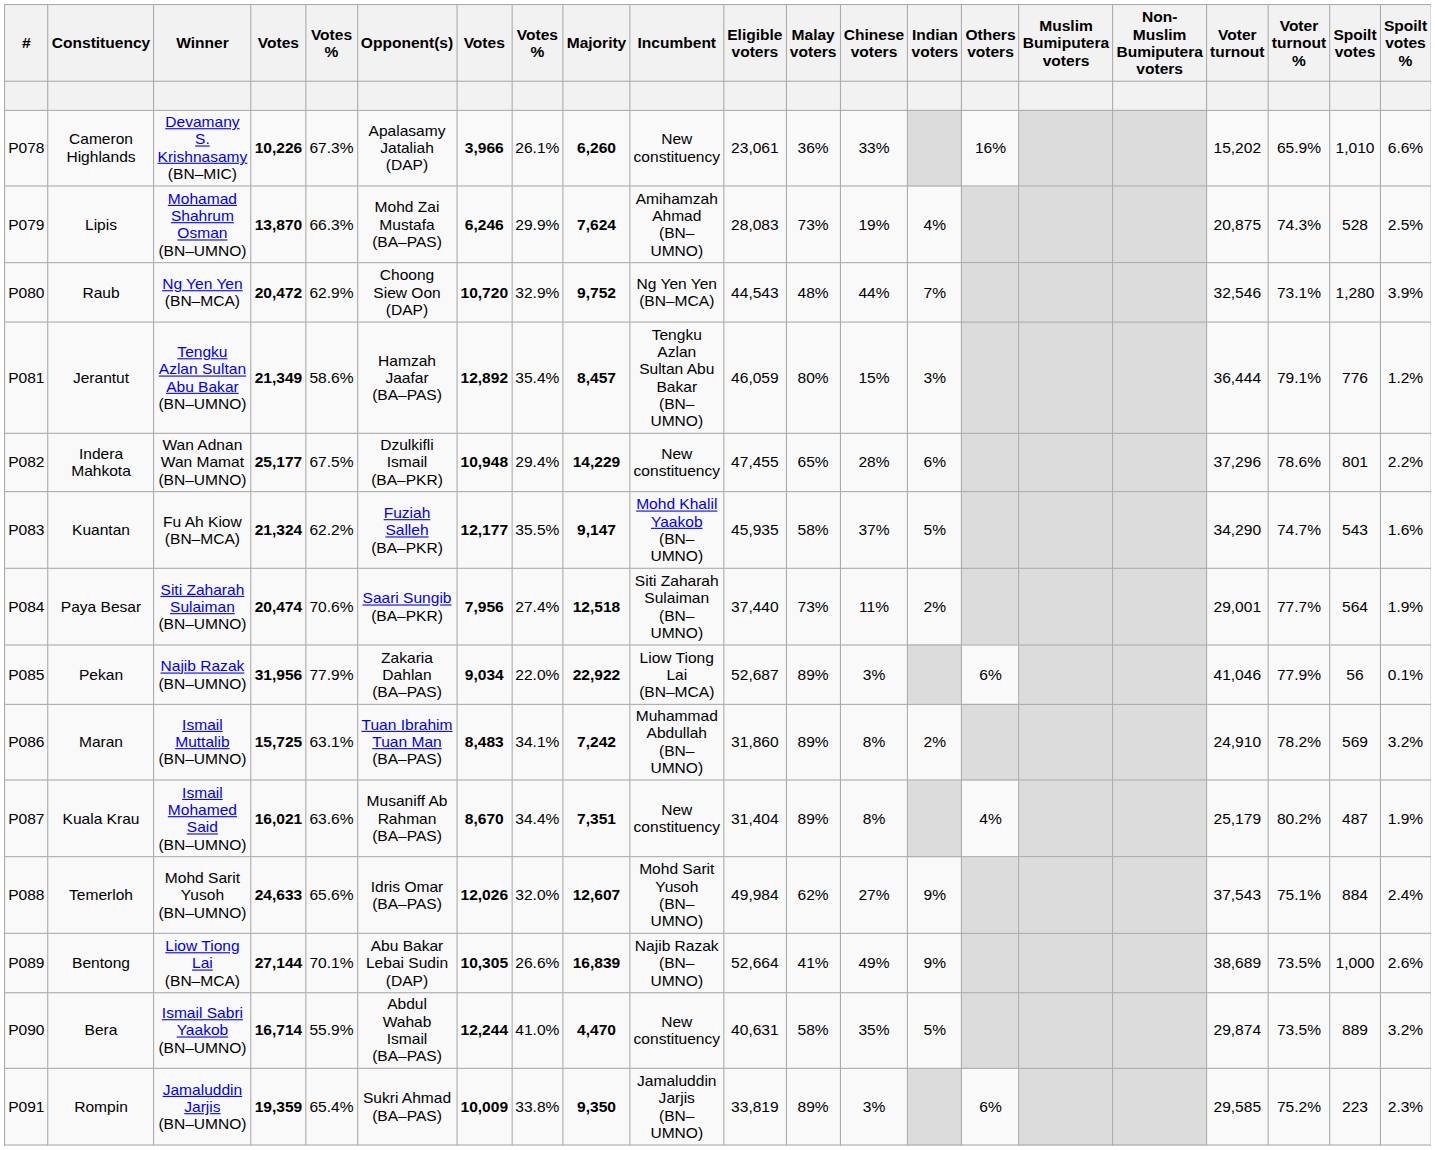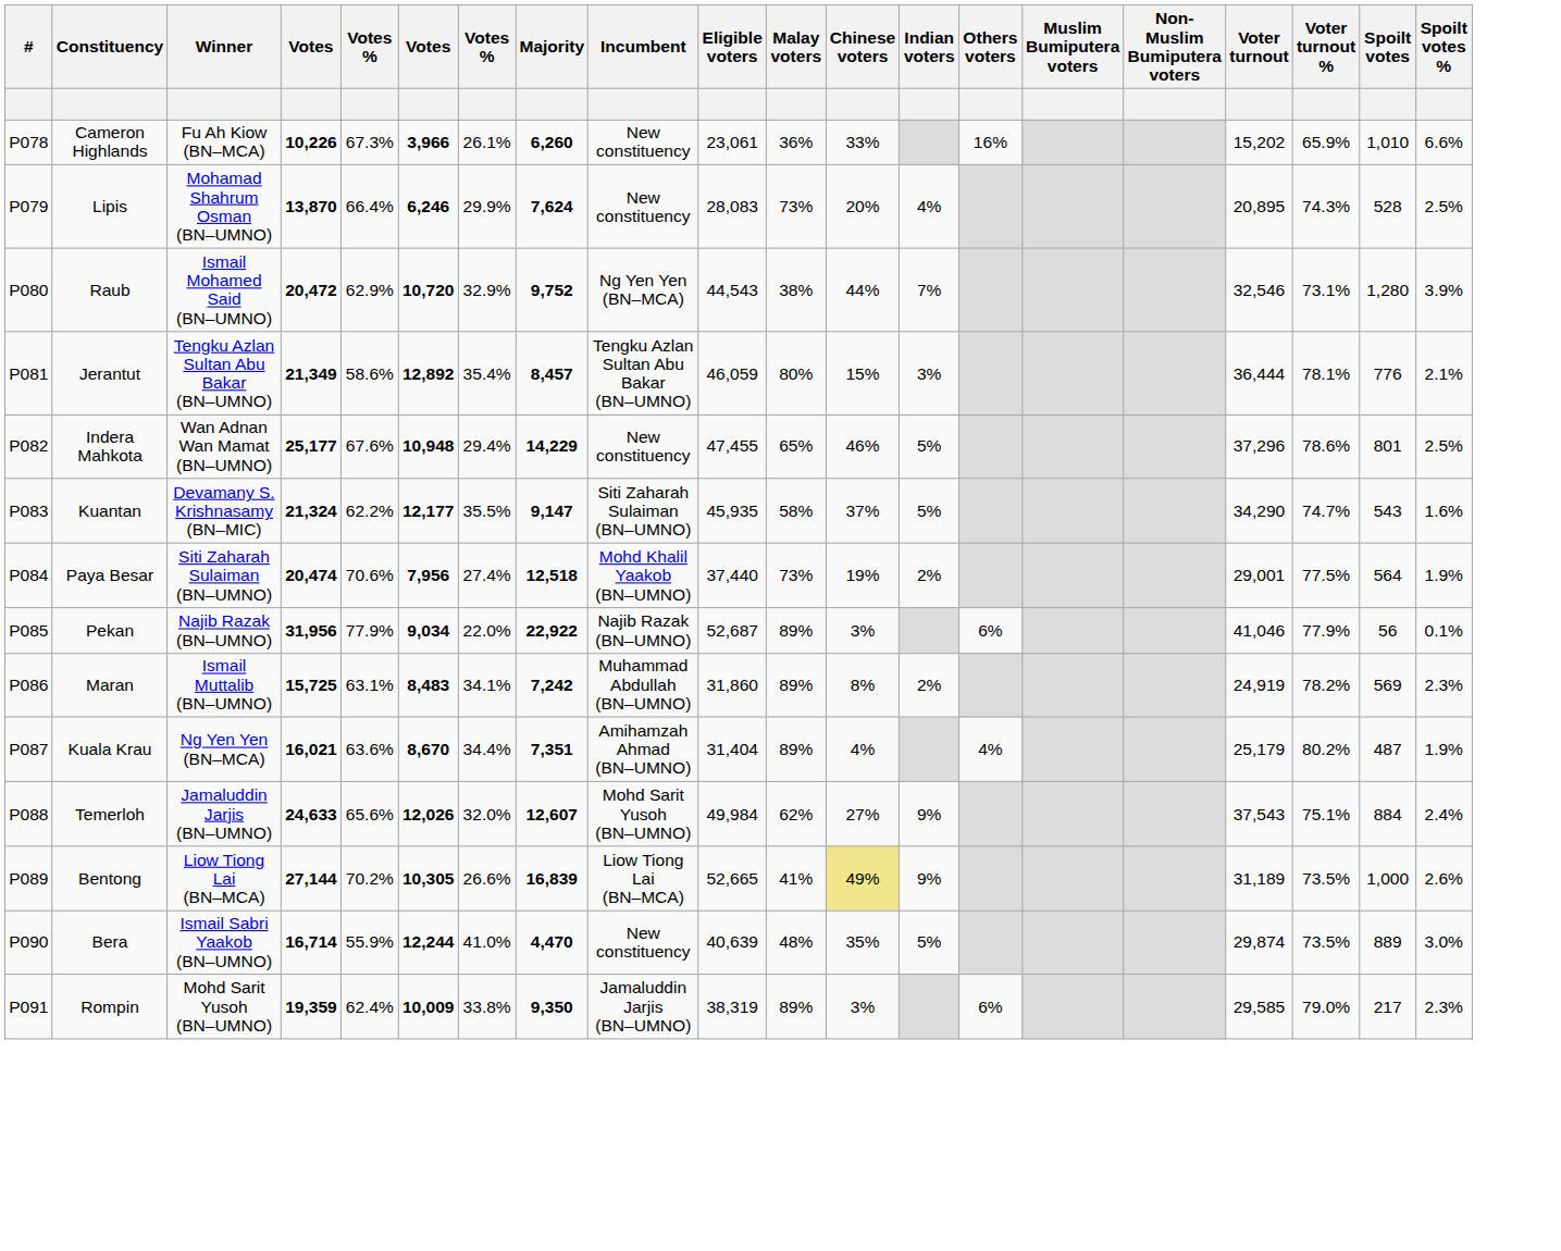 <table class="wikitable sortable" style="text-align:center; font-size:90%">
 <tr>
 <th width="30">#</th>
 <th width="60">Constituency</th>
 <th width="150">Winner</th>
 <th width="50">Votes</th>
 <th width="50">Votes %</th>
-<th width="150">Opponent(s)</th>
 <th width="50">Votes</th>
 <th width="50">Votes %</th>
 <th width="50">Majority</th>
 <th width="150">Incumbent</th>
 <th width="50">Eligible voters</th>
 <th width="50">Malay voters</th>
 <th width="50">Chinese voters</th>
 <th width="50">Indian voters</th>
 <th width="50">Others voters</th>
 <th width="50">Muslim Bumiputera voters</th>
 <th width="50">Non-Muslim Bumiputera voters</th>
 <th width="50">Voter turnout</th>
 <th width="50">Voter turnout %</th>
 <th width="50">Spoilt votes</th>
 <th width="50">Spoilt votes %</th>
 </tr>
 <tr>
 <th height="20"></th>
 <th></th>
 <th></th>
 <th></th>
 <th></th>
 <th></th>
 <th></th>
 <th></th>
 <th></th>
 <th></th>
 <th></th>
 <th></th>
 <th></th>
 <th></th>
 <th></th>
 <th></th>
 <th></th>
 <th></th>
 <th></th>
 <th></th>
-<th></th>
 </tr>
 <tr>
 <td>P078</td>
 <td>Cameron Highlands</td>
-<td><a href='#'>Devamany S. Krishnasamy</a><br>(BN–MIC)</td>
+<td>Fu Ah Kiow<br>(BN–MCA)</td>
 <td><strong>10,226</strong></td>
 <td>67.3%</td>
-<td>Apalasamy Jataliah<br>(DAP)</td>
 <td><strong>3,966</strong></td>
 <td>26.1%</td>
 <td><strong>6,260</strong></td>
 <td>New constituency</td>
 <td>23,061</td>
 <td>36%</td>
 <td>33%</td>
 <td bgcolor="dcdcdc"></td>
 <td>16%</td>
 <td bgcolor="dcdcdc"></td>
 <td bgcolor="dcdcdc"></td>
 <td>15,202</td>
 <td>65.9%</td>
 <td>1,010</td>
 <td>6.6%</td>
 </tr>
 <tr>
 <td>P079</td>
 <td>Lipis</td>
 <td><a href='#'>Mohamad Shahrum Osman</a><br>(BN–UMNO)</td>
 <td><strong>13,870</strong></td>
-<td>66.3%</td>
-<td>Mohd Zai Mustafa<br>(BA–PAS)</td>
+<td>66.4%</td>
 <td><strong>6,246</strong></td>
 <td>29.9%</td>
 <td><strong>7,624</strong></td>
-<td>Amihamzah Ahmad<br>(BN–UMNO)</td>
+<td>New constituency</td>
 <td>28,083</td>
 <td>73%</td>
-<td>19%</td>
+<td>20%</td>
 <td>4%</td>
 <td bgcolor="dcdcdc"></td>
 <td bgcolor="dcdcdc"></td>
 <td bgcolor="dcdcdc"></td>
-<td>20,875</td>
+<td>20,895</td>
 <td>74.3%</td>
 <td>528</td>
 <td>2.5%</td>
 </tr>
 <tr>
 <td>P080</td>
 <td>Raub</td>
-<td><a href='#'>Ng Yen Yen</a><br>(BN–MCA)</td>
+<td><a href='#'>Ismail Mohamed Said</a><br>(BN–UMNO)</td>
 <td><strong>20,472</strong></td>
 <td>62.9%</td>
-<td>Choong Siew Oon<br>(DAP)</td>
 <td><strong>10,720</strong></td>
 <td>32.9%</td>
 <td><strong>9,752</strong></td>
 <td>Ng Yen Yen<br>(BN–MCA)</td>
 <td>44,543</td>
-<td>48%</td>
+<td>38%</td>
 <td>44%</td>
 <td>7%</td>
 <td bgcolor="dcdcdc"></td>
 <td bgcolor="dcdcdc"></td>
 <td bgcolor="dcdcdc"></td>
 <td>32,546</td>
 <td>73.1%</td>
 <td>1,280</td>
 <td>3.9%</td>
 </tr>
 <tr>
 <td>P081</td>
 <td>Jerantut</td>
 <td><a href='#'>Tengku Azlan Sultan Abu Bakar</a><br>(BN–UMNO)</td>
 <td><strong>21,349</strong></td>
 <td>58.6%</td>
-<td>Hamzah Jaafar<br>(BA–PAS)</td>
 <td><strong>12,892</strong></td>
 <td>35.4%</td>
 <td><strong>8,457</strong></td>
 <td>Tengku Azlan Sultan Abu Bakar<br>(BN–UMNO)</td>
 <td>46,059</td>
 <td>80%</td>
 <td>15%</td>
 <td>3%</td>
 <td bgcolor="dcdcdc"></td>
 <td bgcolor="dcdcdc"></td>
 <td bgcolor="dcdcdc"></td>
 <td>36,444</td>
-<td>79.1%</td>
+<td>78.1%</td>
 <td>776</td>
-<td>1.2%</td>
+<td>2.1%</td>
 </tr>
 <tr>
 <td>P082</td>
 <td>Indera Mahkota</td>
 <td>Wan Adnan Wan Mamat<br>(BN–UMNO)</td>
 <td><strong>25,177</strong></td>
-<td>67.5%</td>
-<td>Dzulkifli Ismail<br>(BA–PKR)</td>
+<td>67.6%</td>
 <td><strong>10,948</strong></td>
 <td>29.4%</td>
 <td><strong>14,229</strong></td>
 <td>New constituency</td>
 <td>47,455</td>
 <td>65%</td>
-<td>28%</td>
-<td>6%</td>
+<td>46%</td>
+<td>5%</td>
 <td bgcolor="dcdcdc"></td>
 <td bgcolor="dcdcdc"></td>
 <td bgcolor="dcdcdc"></td>
 <td>37,296</td>
 <td>78.6%</td>
 <td>801</td>
-<td>2.2%</td>
+<td>2.5%</td>
 </tr>
 <tr>
 <td>P083</td>
 <td>Kuantan</td>
-<td>Fu Ah Kiow<br>(BN–MCA)</td>
+<td><a href='#'>Devamany S. Krishnasamy</a><br>(BN–MIC)</td>
 <td><strong>21,324</strong></td>
 <td>62.2%</td>
-<td><a href='#'>Fuziah Salleh</a><br>(BA–PKR)</td>
 <td><strong>12,177</strong></td>
 <td>35.5%</td>
 <td><strong>9,147</strong></td>
-<td><a href='#'>Mohd Khalil Yaakob</a><br>(BN–UMNO)</td>
+<td>Siti Zaharah Sulaiman<br>(BN–UMNO)</td>
 <td>45,935</td>
 <td>58%</td>
 <td>37%</td>
 <td>5%</td>
 <td bgcolor="dcdcdc"></td>
 <td bgcolor="dcdcdc"></td>
 <td bgcolor="dcdcdc"></td>
 <td>34,290</td>
 <td>74.7%</td>
 <td>543</td>
 <td>1.6%</td>
 </tr>
 <tr>
 <td>P084</td>
 <td>Paya Besar</td>
 <td><a href='#'>Siti Zaharah Sulaiman</a><br>(BN–UMNO)</td>
 <td><strong>20,474</strong></td>
 <td>70.6%</td>
-<td><a href='#'>Saari Sungib</a><br>(BA–PKR)</td>
 <td><strong>7,956</strong></td>
 <td>27.4%</td>
 <td><strong>12,518</strong></td>
-<td>Siti Zaharah Sulaiman<br>(BN–UMNO)</td>
+<td><a href='#'>Mohd Khalil Yaakob</a><br>(BN–UMNO)</td>
 <td>37,440</td>
 <td>73%</td>
-<td>11%</td>
+<td>19%</td>
 <td>2%</td>
 <td bgcolor="dcdcdc"></td>
 <td bgcolor="dcdcdc"></td>
 <td bgcolor="dcdcdc"></td>
 <td>29,001</td>
-<td>77.7%</td>
+<td>77.5%</td>
 <td>564</td>
 <td>1.9%</td>
 </tr>
 <tr>
 <td>P085</td>
 <td>Pekan</td>
 <td><a href='#'>Najib Razak</a><br>(BN–UMNO)</td>
 <td><strong>31,956</strong></td>
 <td>77.9%</td>
-<td>Zakaria Dahlan<br>(BA–PAS)</td>
 <td><strong>9,034</strong></td>
 <td>22.0%</td>
 <td><strong>22,922</strong></td>
-<td>Liow Tiong Lai<br>(BN–MCA)</td>
+<td>Najib Razak<br>(BN–UMNO)</td>
 <td>52,687</td>
 <td>89%</td>
 <td>3%</td>
 <td bgcolor="dcdcdc"></td>
 <td>6%</td>
 <td bgcolor="dcdcdc"></td>
 <td bgcolor="dcdcdc"></td>
 <td>41,046</td>
 <td>77.9%</td>
 <td>56</td>
 <td>0.1%</td>
 </tr>
 <tr>
 <td>P086</td>
 <td>Maran</td>
 <td><a href='#'>Ismail Muttalib</a><br>(BN–UMNO)</td>
 <td><strong>15,725</strong></td>
 <td>63.1%</td>
-<td><a href='#'>Tuan Ibrahim Tuan Man</a><br>(BA–PAS)</td>
 <td><strong>8,483</strong></td>
 <td>34.1%</td>
 <td><strong>7,242</strong></td>
 <td>Muhammad Abdullah<br>(BN–UMNO)</td>
 <td>31,860</td>
 <td>89%</td>
 <td>8%</td>
 <td>2%</td>
 <td bgcolor="dcdcdc"></td>
 <td bgcolor="dcdcdc"></td>
 <td bgcolor="dcdcdc"></td>
-<td>24,910</td>
+<td>24,919</td>
 <td>78.2%</td>
 <td>569</td>
-<td>3.2%</td>
+<td>2.3%</td>
 </tr>
 <tr>
 <td>P087</td>
 <td>Kuala Krau</td>
-<td><a href='#'>Ismail Mohamed Said</a><br>(BN–UMNO)</td>
+<td><a href='#'>Ng Yen Yen</a><br>(BN–MCA)</td>
 <td><strong>16,021</strong></td>
 <td>63.6%</td>
-<td>Musaniff Ab Rahman<br>(BA–PAS)</td>
 <td><strong>8,670</strong></td>
 <td>34.4%</td>
 <td><strong>7,351</strong></td>
-<td>New constituency</td>
+<td>Amihamzah Ahmad<br>(BN–UMNO)</td>
 <td>31,404</td>
 <td>89%</td>
-<td>8%</td>
+<td>4%</td>
 <td bgcolor="dcdcdc"></td>
 <td>4%</td>
 <td bgcolor="dcdcdc"></td>
 <td bgcolor="dcdcdc"></td>
 <td>25,179</td>
 <td>80.2%</td>
 <td>487</td>
 <td>1.9%</td>
 </tr>
 <tr>
 <td>P088</td>
 <td>Temerloh</td>
-<td>Mohd Sarit Yusoh<br>(BN–UMNO)</td>
+<td><a href='#'>Jamaluddin Jarjis</a><br>(BN–UMNO)</td>
 <td><strong>24,633</strong></td>
 <td>65.6%</td>
-<td>Idris Omar<br>(BA–PAS)</td>
 <td><strong>12,026</strong></td>
 <td>32.0%</td>
 <td><strong>12,607</strong></td>
 <td>Mohd Sarit Yusoh<br>(BN–UMNO)</td>
 <td>49,984</td>
 <td>62%</td>
 <td>27%</td>
 <td>9%</td>
 <td bgcolor="dcdcdc"></td>
 <td bgcolor="dcdcdc"></td>
 <td bgcolor="dcdcdc"></td>
 <td>37,543</td>
 <td>75.1%</td>
 <td>884</td>
 <td>2.4%</td>
 </tr>
 <tr>
 <td>P089</td>
 <td>Bentong</td>
 <td><a href='#'>Liow Tiong Lai</a><br>(BN–MCA)</td>
 <td><strong>27,144</strong></td>
-<td>70.1%</td>
-<td>Abu Bakar Lebai Sudin<br>(DAP)</td>
+<td>70.2%</td>
 <td><strong>10,305</strong></td>
 <td>26.6%</td>
 <td><strong>16,839</strong></td>
-<td>Najib Razak<br>(BN–UMNO)</td>
-<td>52,664</td>
+<td>Liow Tiong Lai<br>(BN–MCA)</td>
+<td>52,665</td>
 <td>41%</td>
-<td>49%</td>
+<td style="background: khaki;">49%</td>
 <td>9%</td>
 <td bgcolor="dcdcdc"></td>
 <td bgcolor="dcdcdc"></td>
 <td bgcolor="dcdcdc"></td>
-<td>38,689</td>
+<td>31,189</td>
 <td>73.5%</td>
 <td>1,000</td>
 <td>2.6%</td>
 </tr>
 <tr>
 <td>P090</td>
 <td>Bera</td>
 <td><a href='#'>Ismail Sabri Yaakob</a><br>(BN–UMNO)</td>
 <td><strong>16,714</strong></td>
 <td>55.9%</td>
-<td>Abdul Wahab Ismail<br>(BA–PAS)</td>
 <td><strong>12,244</strong></td>
 <td>41.0%</td>
 <td><strong>4,470</strong></td>
 <td>New constituency</td>
-<td>40,631</td>
-<td>58%</td>
+<td>40,639</td>
+<td>48%</td>
 <td>35%</td>
 <td>5%</td>
 <td bgcolor="dcdcdc"></td>
 <td bgcolor="dcdcdc"></td>
 <td bgcolor="dcdcdc"></td>
 <td>29,874</td>
 <td>73.5%</td>
 <td>889</td>
-<td>3.2%</td>
+<td>3.0%</td>
 </tr>
 <tr>
 <td>P091</td>
 <td>Rompin</td>
-<td><a href='#'>Jamaluddin Jarjis</a><br>(BN–UMNO)</td>
+<td>Mohd Sarit Yusoh<br>(BN–UMNO)</td>
 <td><strong>19,359</strong></td>
-<td>65.4%</td>
-<td>Sukri Ahmad<br>(BA–PAS)</td>
+<td>62.4%</td>
 <td><strong>10,009</strong></td>
 <td>33.8%</td>
 <td><strong>9,350</strong></td>
 <td>Jamaluddin Jarjis<br>(BN–UMNO)</td>
-<td>33,819</td>
+<td>38,319</td>
 <td>89%</td>
 <td>3%</td>
 <td bgcolor="dcdcdc"></td>
 <td>6%</td>
 <td bgcolor="dcdcdc"></td>
 <td bgcolor="dcdcdc"></td>
 <td>29,585</td>
-<td>75.2%</td>
-<td>223</td>
+<td>79.0%</td>
+<td>217</td>
 <td>2.3%</td>
 </tr>
 </table>
